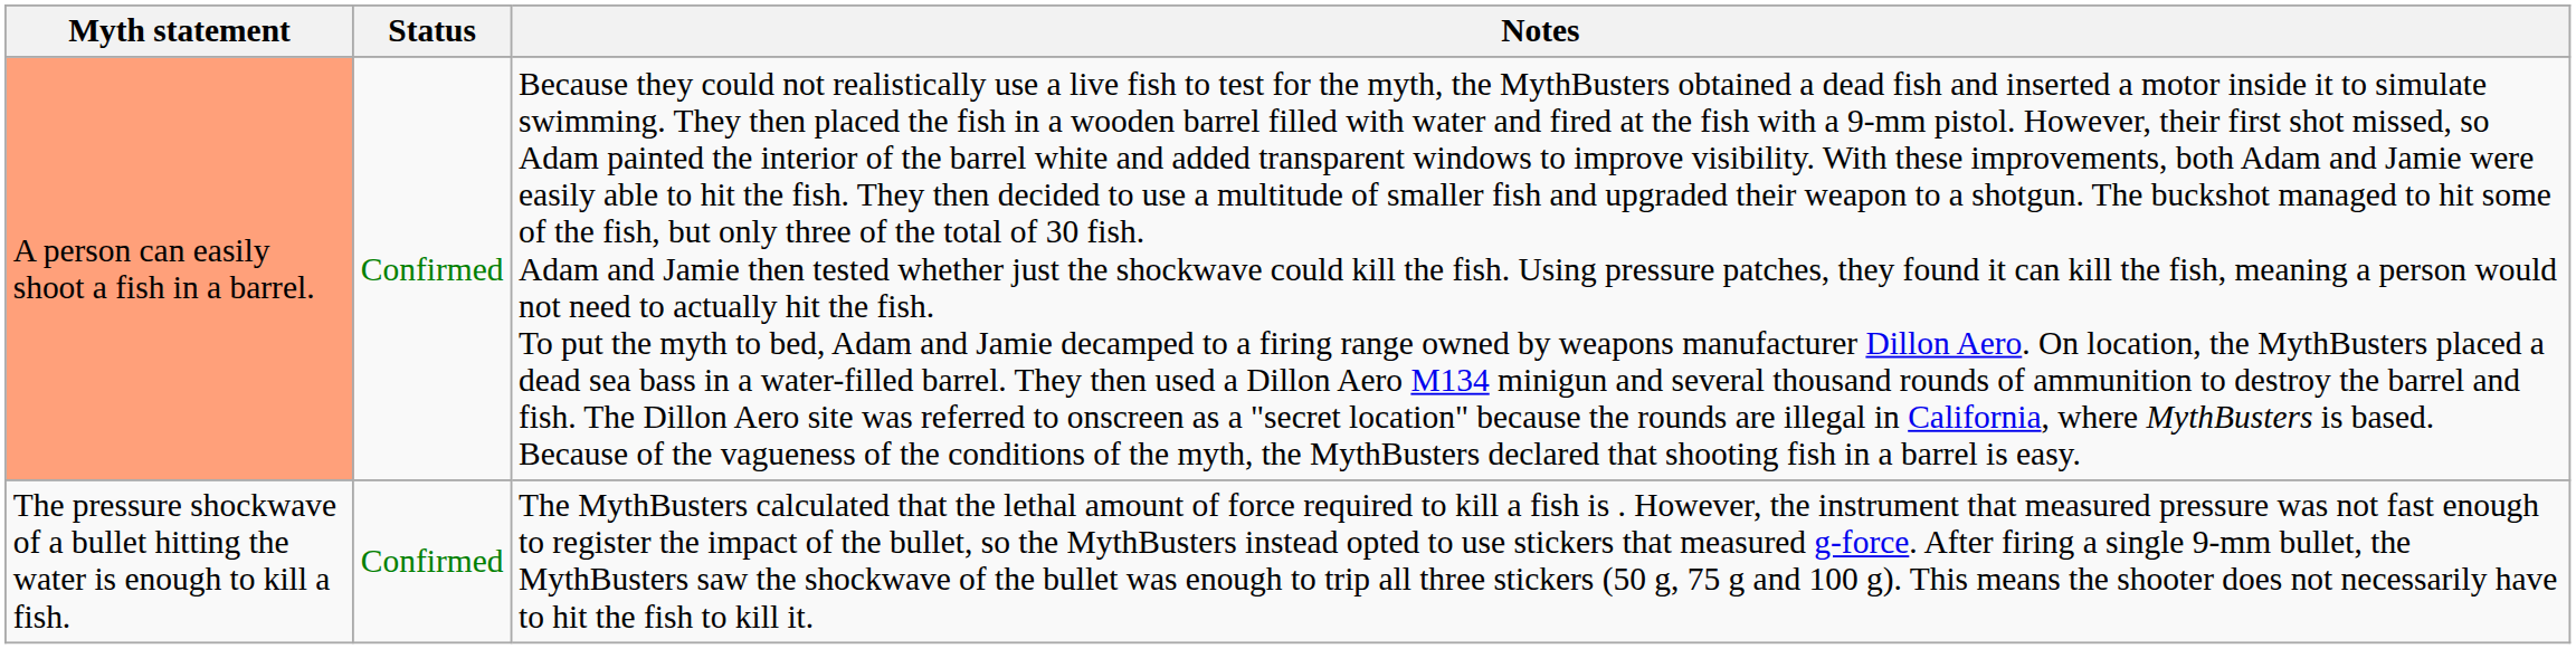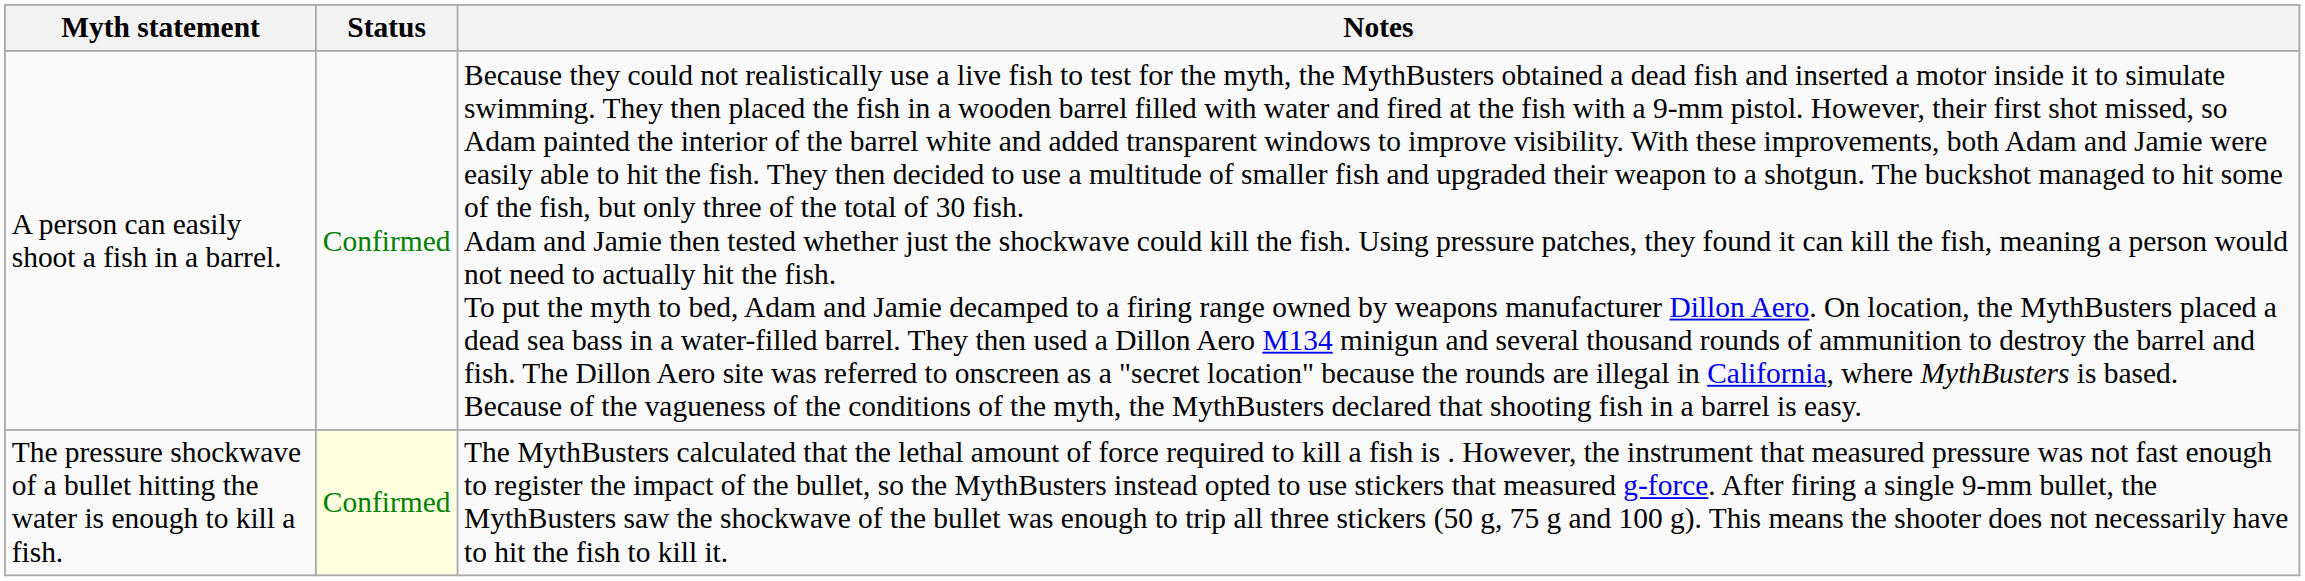 <table class="wikitable plainrowheaders">
 <tr>
 <th>Myth statement</th>
 <th>Status</th>
 <th>Notes</th>
 </tr>
 <tr>
-<td style="background: lightsalmon;">A person can easily shoot a fish in a barrel.</td>
+<td>A person can easily shoot a fish in a barrel.</td>
 <td style="color:green">Confirmed</td>
 <td>Because they could not realistically use a live fish to test for the myth, the MythBusters obtained a dead fish and inserted a motor inside it to simulate swimming. They then placed the fish in a wooden barrel filled with water and fired at the fish with a 9-mm pistol. However, their first shot missed, so Adam painted the interior of the barrel white and added transparent windows to improve visibility. With these improvements, both Adam and Jamie were easily able to hit the fish. They then decided to use a multitude of smaller fish and upgraded their weapon to a shotgun. The buckshot managed to hit some of the fish, but only three of the total of 30 fish.<br>Adam and Jamie then tested whether just the shockwave could kill the fish. Using pressure patches, they found it can kill the fish, meaning a person would not need to actually hit the fish.<br>To put the myth to bed, Adam and Jamie decamped to a firing range owned by weapons manufacturer <a href='#'>Dillon Aero</a>. On location, the MythBusters placed a dead  sea bass in a water-filled barrel. They then used a Dillon Aero <a href='#'>M134</a> minigun and several thousand rounds of ammunition to destroy the barrel and fish. The Dillon Aero site was referred to onscreen as a "secret location" because the rounds are illegal in <a href='#'>California</a>, where <em>MythBusters</em> is based.<br>Because of the vagueness of the conditions of the myth, the MythBusters declared that shooting fish in a barrel is easy.</td>
 </tr>
 <tr>
 <td>The pressure shockwave of a bullet hitting the water is enough to kill a fish.</td>
-<td style="color:green">Confirmed</td>
+<td style="background: lightyellow; color:green">Confirmed</td>
 <td>The MythBusters calculated that the lethal amount of force required to kill a fish is . However, the instrument that measured pressure was not fast enough to register the impact of the bullet, so the MythBusters instead opted to use stickers that measured <a href='#'>g-force</a>. After firing a single 9-mm bullet, the MythBusters saw the shockwave of the bullet was enough to trip all three stickers (50 g, 75 g and 100 g). This means the shooter does not necessarily have to hit the fish to kill it.</td>
 </tr>
 </table>
